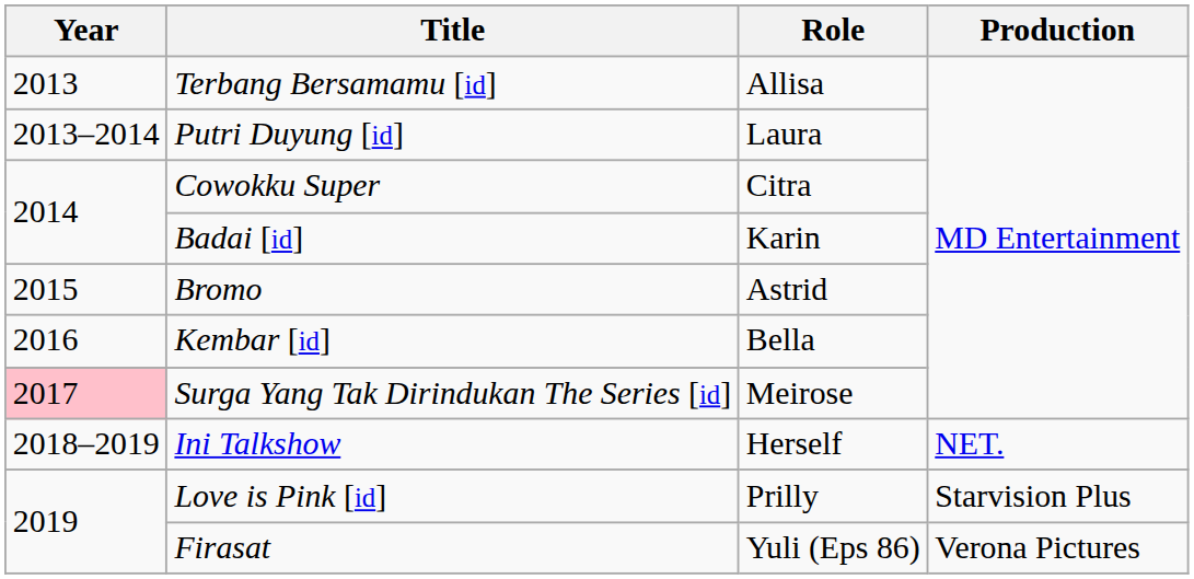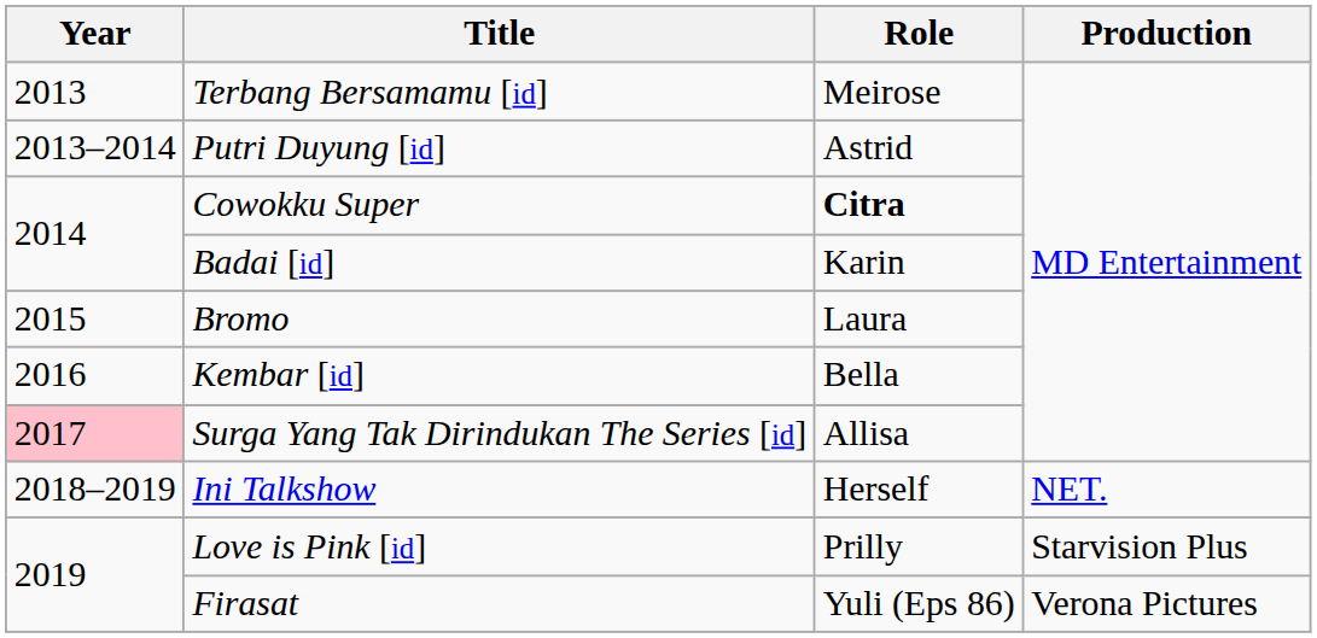 <table class="wikitable sortable">
 <tr>
 <th>Year</th>
 <th>Title</th>
 <th>Role</th>
 <th>Production</th>
 </tr>
 <tr>
 <td>2013</td>
 <td><em>Terbang Bersamamu</em> [<small><a href='#'>id</a></small>]</td>
-<td>Allisa</td>
+<td>Meirose</td>
 <td rowspan="7"><a href='#'>MD Entertainment</a></td>
 </tr>
 <tr>
 <td>2013–2014</td>
 <td><em>Putri Duyung</em> [<small><a href='#'>id</a></small>]</td>
-<td>Laura</td>
+<td>Astrid</td>
 </tr>
 <tr>
 <td rowspan="2">2014</td>
 <td><em>Cowokku Super</em></td>
-<td>Citra</td>
+<td><strong>Citra</strong></td>
 </tr>
 <tr>
 <td><em>Badai</em> [<small><a href='#'>id</a></small>]</td>
 <td>Karin</td>
 </tr>
 <tr>
 <td>2015</td>
 <td><em>Bromo</em></td>
-<td>Astrid</td>
+<td>Laura</td>
 </tr>
 <tr>
 <td>2016</td>
 <td><em>Kembar</em> [<small><a href='#'>id</a></small>]</td>
 <td>Bella</td>
 </tr>
 <tr>
 <td style="background: pink;">2017</td>
 <td><em>Surga Yang Tak Dirindukan The Series</em> [<small><a href='#'>id</a></small>]</td>
-<td>Meirose</td>
+<td>Allisa</td>
 </tr>
 <tr>
 <td>2018–2019</td>
 <td><em><a href='#'>Ini Talkshow</a></em></td>
 <td>Herself</td>
 <td><a href='#'>NET.</a></td>
 </tr>
 <tr>
 <td rowspan="2'">2019</td>
 <td><em>Love is Pink</em> [<small><a href='#'>id</a></small>]</td>
 <td>Prilly</td>
 <td>Starvision Plus</td>
 </tr>
 <tr>
 <td><em>Firasat</em></td>
 <td>Yuli (Eps 86)</td>
 <td>Verona Pictures</td>
 </tr>
 </table>
